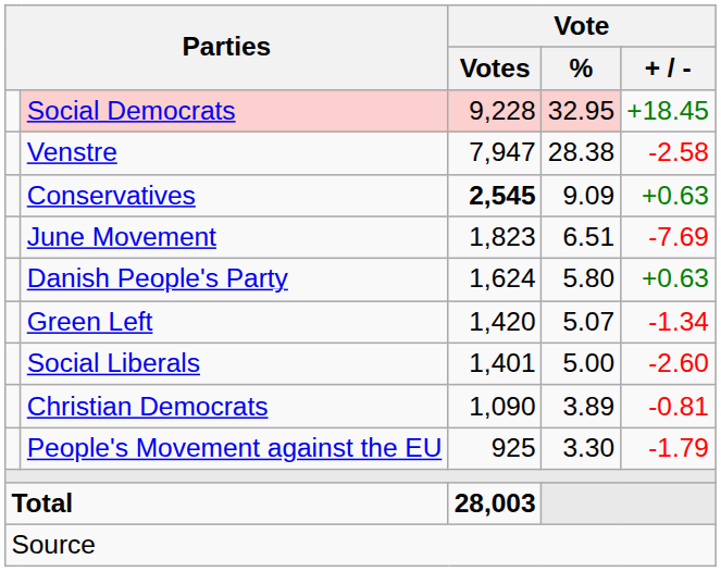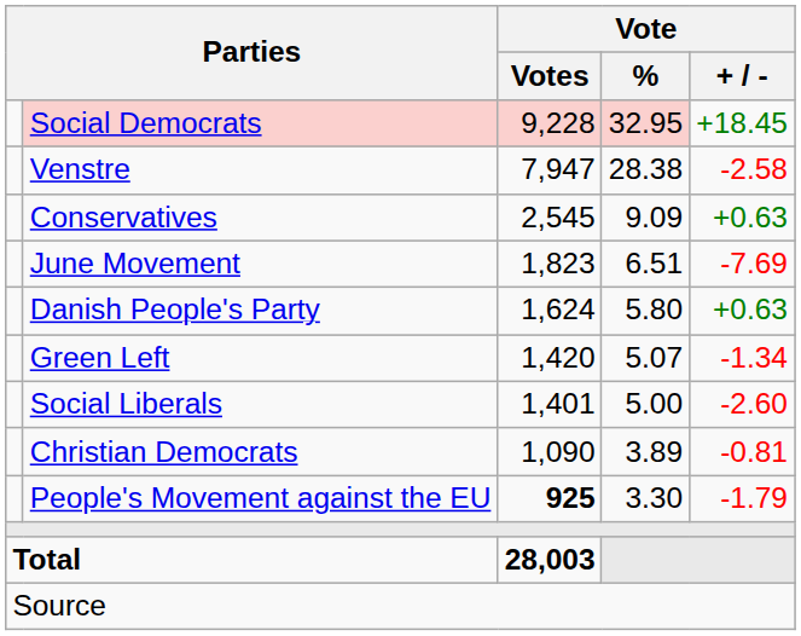 <table class="wikitable" style="text-align:right;">
 <tr>
 <th style="text-align:centre;" rowspan="2" colspan="2" width="225">Parties</th>
 <th colspan="3">Vote</th>
 </tr>
 <tr>
 <th width="15">Votes</th>
 <th width="15">%</th>
 <th width="15">+ / -</th>
 </tr>
 <tr>
 <td width="2" style="color:inherit;background:"></td>
 <td bgcolor=#fbd0ce   align="left"><a href='#'>Social Democrats</a></td>
 <td bgcolor=#fbd0ce>9,228</td>
 <td bgcolor=#fbd0ce>32.95</td>
 <td style=color:green;>+18.45</td>
 </tr>
 <tr>
 <td width="2" style="color:inherit;background:"></td>
 <td align="left"><a href='#'>Venstre</a></td>
 <td>7,947</td>
 <td>28.38</td>
 <td style=color:red;>-2.58</td>
 </tr>
 <tr>
 <td width="2" style="color:inherit;background:"></td>
 <td align="left"><a href='#'>Conservatives</a></td>
-<td><strong>2,545</strong></td>
+<td>2,545</td>
 <td>9.09</td>
 <td style=color:green;>+0.63</td>
 </tr>
 <tr>
 <td width="2" style="color:inherit;background:"></td>
 <td align="left"><a href='#'>June Movement</a></td>
 <td>1,823</td>
 <td>6.51</td>
 <td style=color:red;>-7.69</td>
 </tr>
 <tr>
 <td width="2" style="color:inherit;background:"></td>
 <td align="left"><a href='#'>Danish People's Party</a></td>
 <td>1,624</td>
 <td>5.80</td>
 <td style=color:green;>+0.63</td>
 </tr>
 <tr>
 <td width="2" style="color:inherit;background:"></td>
 <td align="left"><a href='#'>Green Left</a></td>
 <td>1,420</td>
 <td>5.07</td>
 <td style=color:red;>-1.34</td>
 </tr>
 <tr>
 <td width="2" style="color:inherit;background:"></td>
 <td align="left"><a href='#'>Social Liberals</a></td>
 <td>1,401</td>
 <td>5.00</td>
 <td style=color:red;>-2.60</td>
 </tr>
 <tr>
 <td width="2" style="color:inherit;background:"></td>
 <td align="left"><a href='#'>Christian Democrats</a></td>
 <td>1,090</td>
 <td>3.89</td>
 <td style=color:red;>-0.81</td>
 </tr>
 <tr>
 <td width="2" style="color:inherit;background:"></td>
 <td align="left"><a href='#'>People's Movement against the EU</a></td>
-<td>925</td>
+<td><strong>925</strong></td>
 <td>3.30</td>
 <td style=color:red;>-1.79</td>
 </tr>
 <tr>
 <td colspan="7" bgcolor="#E9E9E9"></td>
 </tr>
 <tr>
 <td align="left" colspan="2"><strong>Total</strong></td>
 <td><strong>28,003</strong></td>
 <td bgcolor="#E9E9E9" colspan="2"></td>
 </tr>
 <tr>
 <td align="left" colspan="6">Source</td>
 </tr>
 </table>
